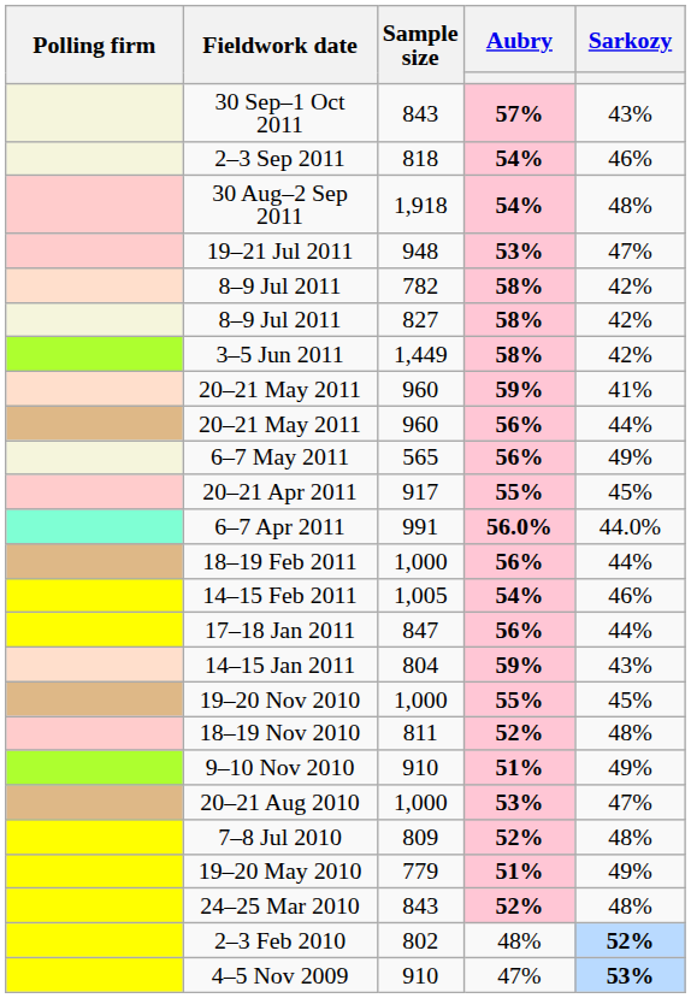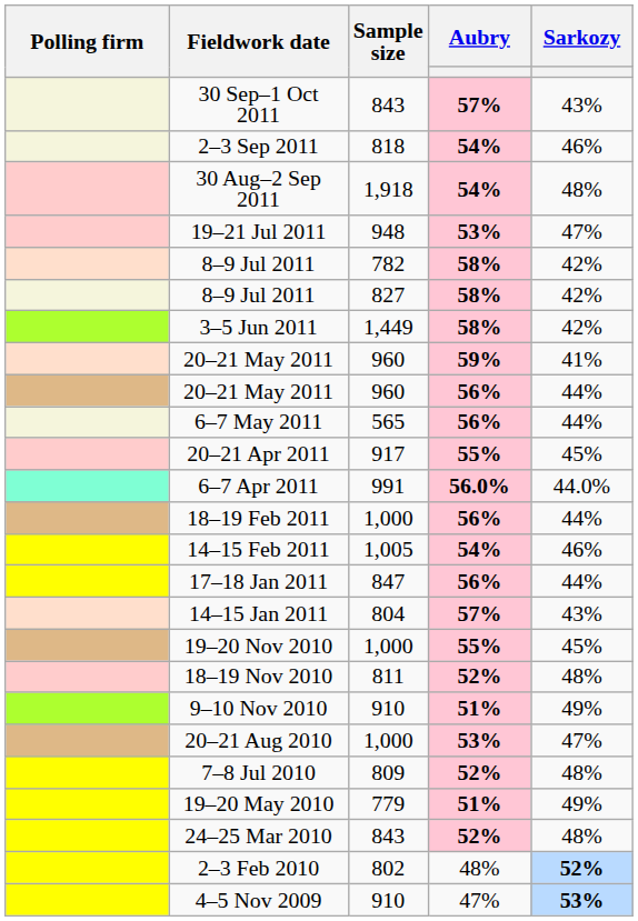 <table class="wikitable sortable" style="text-align:center;font-size:90%;line-height:14px;">
 <tr style="height:40px;">
 <th style="width:100px;" rowspan="2">Polling firm</th>
 <th style="width:110px;" rowspan="2">Fieldwork date</th>
 <th style="width:35px;" rowspan="2">Sample<br>size</th>
 <th class="unsortable" style="width:60px;"><a href='#'>Aubry</a><br></th>
 <th class="unsortable" style="width:60px;"><a href='#'>Sarkozy</a><br></th>
 </tr>
 <tr>
 <th style="background:"></th>
 <th style="background:"></th>
 </tr>
 <tr>
 <td style="background:beige;"></td>
 <td data-sort-value="2011-10-01">30 Sep–1 Oct 2011</td>
 <td>843</td>
 <td style="background:#FFC6D5;"><strong>57%</strong></td>
 <td>43%</td>
 </tr>
 <tr>
 <td style="background:beige;"></td>
 <td data-sort-value="2011-09-03">2–3 Sep 2011</td>
 <td>818</td>
 <td style="background:#FFC6D5;"><strong>54%</strong></td>
 <td>46%</td>
 </tr>
 <tr>
 <td style="background:#FFCCCC;"></td>
 <td data-sort-value="2011-09-02">30 Aug–2 Sep 2011</td>
 <td>1,918</td>
 <td style="background:#FFC6D5;"><strong>54%</strong></td>
 <td>48%</td>
 </tr>
 <tr>
 <td style="background:#FFCCCC;"></td>
 <td data-sort-value="2011-07-21">19–21 Jul 2011</td>
 <td>948</td>
 <td style="background:#FFC6D5;"><strong>53%</strong></td>
 <td>47%</td>
 </tr>
 <tr>
 <td style="background:#FFDFCC;"> </td>
 <td data-sort-value="2011-07-09">8–9 Jul 2011</td>
 <td>782</td>
 <td style="background:#FFC6D5;"><strong>58%</strong></td>
 <td>42%</td>
 </tr>
 <tr>
 <td style="background:beige;"></td>
 <td data-sort-value="2011-07-09">8–9 Jul 2011</td>
 <td>827</td>
 <td style="background:#FFC6D5;"><strong>58%</strong></td>
 <td>42%</td>
 </tr>
 <tr>
 <td style="background:GreenYellow;"></td>
 <td data-sort-value="2011-06-05">3–5 Jun 2011</td>
 <td>1,449</td>
 <td style="background:#FFC6D5;"><strong>58%</strong></td>
 <td>42%</td>
 </tr>
 <tr>
 <td style="background:#FFDFCC;"> </td>
 <td data-sort-value="2011-05-21">20–21 May 2011</td>
 <td>960</td>
 <td style="background:#FFC6D5;"><strong>59%</strong></td>
 <td>41%</td>
 </tr>
 <tr>
 <td style="background:burlywood;"> </td>
 <td data-sort-value="2011-05-21">20–21 May 2011</td>
 <td>960</td>
 <td style="background:#FFC6D5;"><strong>56%</strong></td>
 <td>44%</td>
 </tr>
 <tr>
 <td style="background:beige;"></td>
 <td data-sort-value="2011-05-07">6–7 May 2011</td>
 <td>565</td>
 <td style="background:#FFC6D5;"><strong>56%</strong></td>
-<td>49%</td>
+<td>44%</td>
 </tr>
 <tr>
 <td style="background:#FFCCCC;"></td>
 <td data-sort-value="2011-04-21">20–21 Apr 2011</td>
 <td>917</td>
 <td style="background:#FFC6D5;"><strong>55%</strong></td>
 <td>45%</td>
 </tr>
 <tr>
 <td style="background:aquamarine;"></td>
 <td data-sort-value="2011-04-07">6–7 Apr 2011</td>
 <td>991</td>
 <td style="background:#FFC6D5;"><strong>56.0%</strong></td>
 <td>44.0%</td>
 </tr>
 <tr>
 <td style="background:burlywood;"> </td>
 <td data-sort-value="2011-02-19">18–19 Feb 2011</td>
 <td>1,000</td>
 <td style="background:#FFC6D5;"><strong>56%</strong></td>
 <td>44%</td>
 </tr>
 <tr>
 <td style="background:yellow;"></td>
 <td data-sort-value="2011-02-15">14–15 Feb 2011</td>
 <td>1,005</td>
 <td style="background:#FFC6D5;"><strong>54%</strong></td>
 <td>46%</td>
 </tr>
 <tr>
 <td style="background:yellow;"></td>
 <td data-sort-value="2011-01-18">17–18 Jan 2011</td>
 <td>847</td>
 <td style="background:#FFC6D5;"><strong>56%</strong></td>
 <td>44%</td>
 </tr>
 <tr>
 <td style="background:#FFDFCC;"> </td>
 <td data-sort-value="2011-01-15">14–15 Jan 2011</td>
 <td>804</td>
-<td style="background:#FFC6D5;"><strong>59%</strong></td>
+<td style="background:#FFC6D5;"><strong>57%</strong></td>
 <td>43%</td>
 </tr>
 <tr>
 <td style="background:burlywood;"> </td>
 <td data-sort-value="2010-11-20">19–20 Nov 2010</td>
 <td>1,000</td>
 <td style="background:#FFC6D5;"><strong>55%</strong></td>
 <td>45%</td>
 </tr>
 <tr>
 <td style="background:#FFCCCC;"></td>
 <td data-sort-value="2010-11-19">18–19 Nov 2010</td>
 <td>811</td>
 <td style="background:#FFC6D5;"><strong>52%</strong></td>
 <td>48%</td>
 </tr>
 <tr>
 <td style="background:GreenYellow;"> </td>
 <td data-sort-value="2010-11-10">9–10 Nov 2010</td>
 <td>910</td>
 <td style="background:#FFC6D5;"><strong>51%</strong></td>
 <td>49%</td>
 </tr>
 <tr>
 <td style="background:burlywood;"> </td>
 <td data-sort-value="2010-08-21">20–21 Aug 2010</td>
 <td>1,000</td>
 <td style="background:#FFC6D5;"><strong>53%</strong></td>
 <td>47%</td>
 </tr>
 <tr>
 <td style="background:yellow;"></td>
 <td data-sort-value="2010-07-08">7–8 Jul 2010</td>
 <td>809</td>
 <td style="background:#FFC6D5;"><strong>52%</strong></td>
 <td>48%</td>
 </tr>
 <tr>
 <td style="background:yellow;"></td>
 <td data-sort-value="2010-05-20">19–20 May 2010</td>
 <td>779</td>
 <td style="background:#FFC6D5;"><strong>51%</strong></td>
 <td>49%</td>
 </tr>
 <tr>
 <td style="background:yellow;"></td>
 <td data-sort-value="2010-03-25">24–25 Mar 2010</td>
 <td>843</td>
 <td style="background:#FFC6D5;"><strong>52%</strong></td>
 <td>48%</td>
 </tr>
 <tr>
 <td style="background:yellow;"></td>
 <td data-sort-value="2010-02-03">2–3 Feb 2010</td>
 <td>802</td>
 <td>48%</td>
 <td style="background:#B9DAFF;"><strong>52%</strong></td>
 </tr>
 <tr>
 <td style="background:yellow;"></td>
 <td data-sort-value="2009-11-05">4–5 Nov 2009</td>
 <td>910</td>
 <td>47%</td>
 <td style="background:#B9DAFF;"><strong>53%</strong></td>
 </tr>
 </table>
